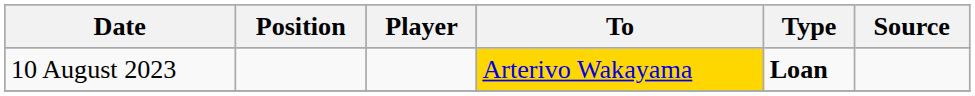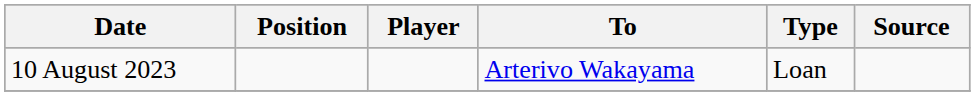 <table class="wikitable sortable" style="width:90%; text-align:center; font-size:95%; text-align:left;">
 <tr>
 <th>Date</th>
 <th>Position</th>
 <th>Player</th>
 <th>To</th>
 <th>Type</th>
 <th>Source</th>
 </tr>
 <tr>
 <td>10 August 2023</td>
 <td></td>
 <td></td>
-<td style="background: gold;"> <a href='#'>Arterivo Wakayama</a></td>
-<td><strong>Loan</strong></td>
+<td> <a href='#'>Arterivo Wakayama</a></td>
+<td>Loan</td>
 <td></td>
 </tr>
 <tr>
 </tr>
 </table>
